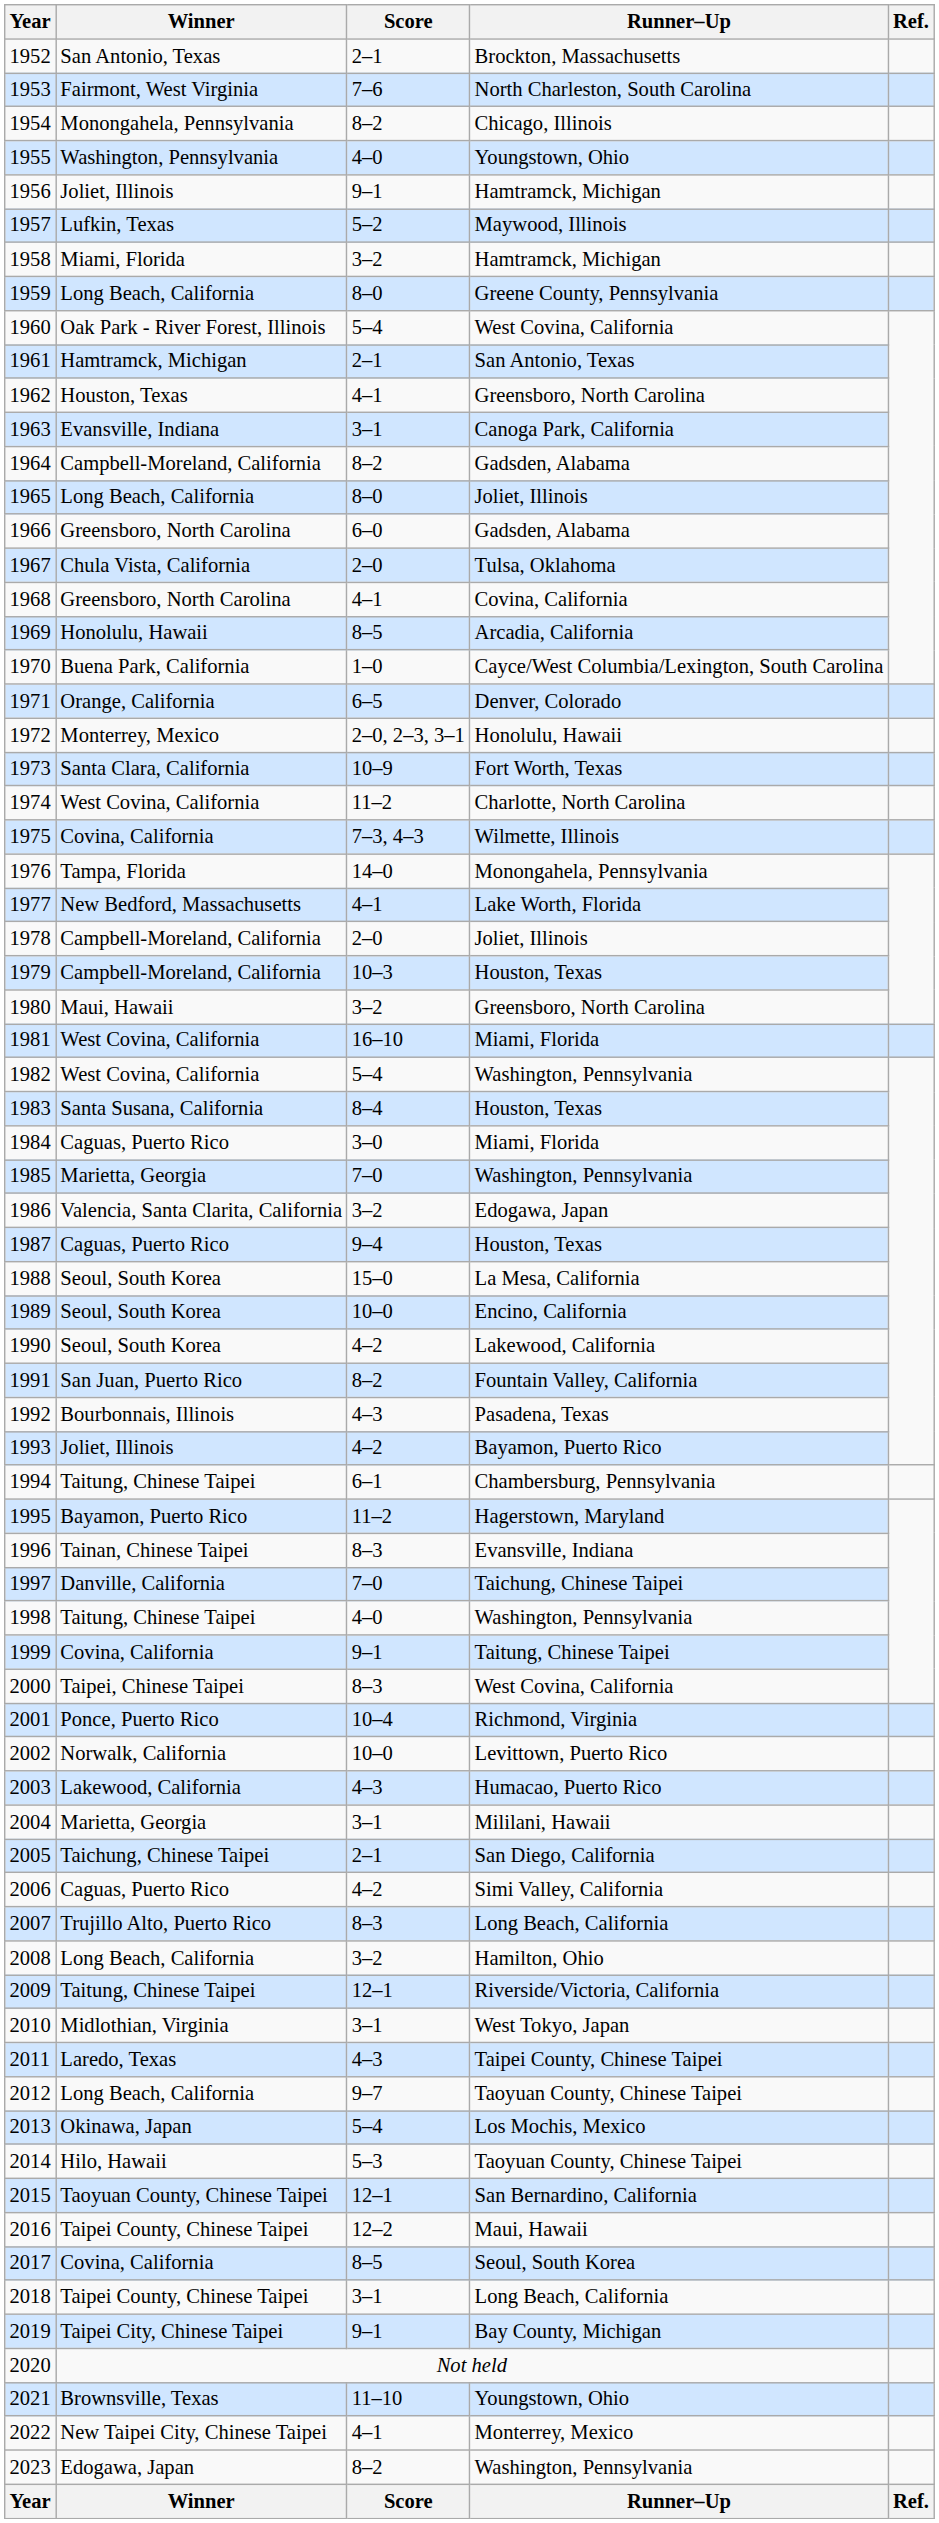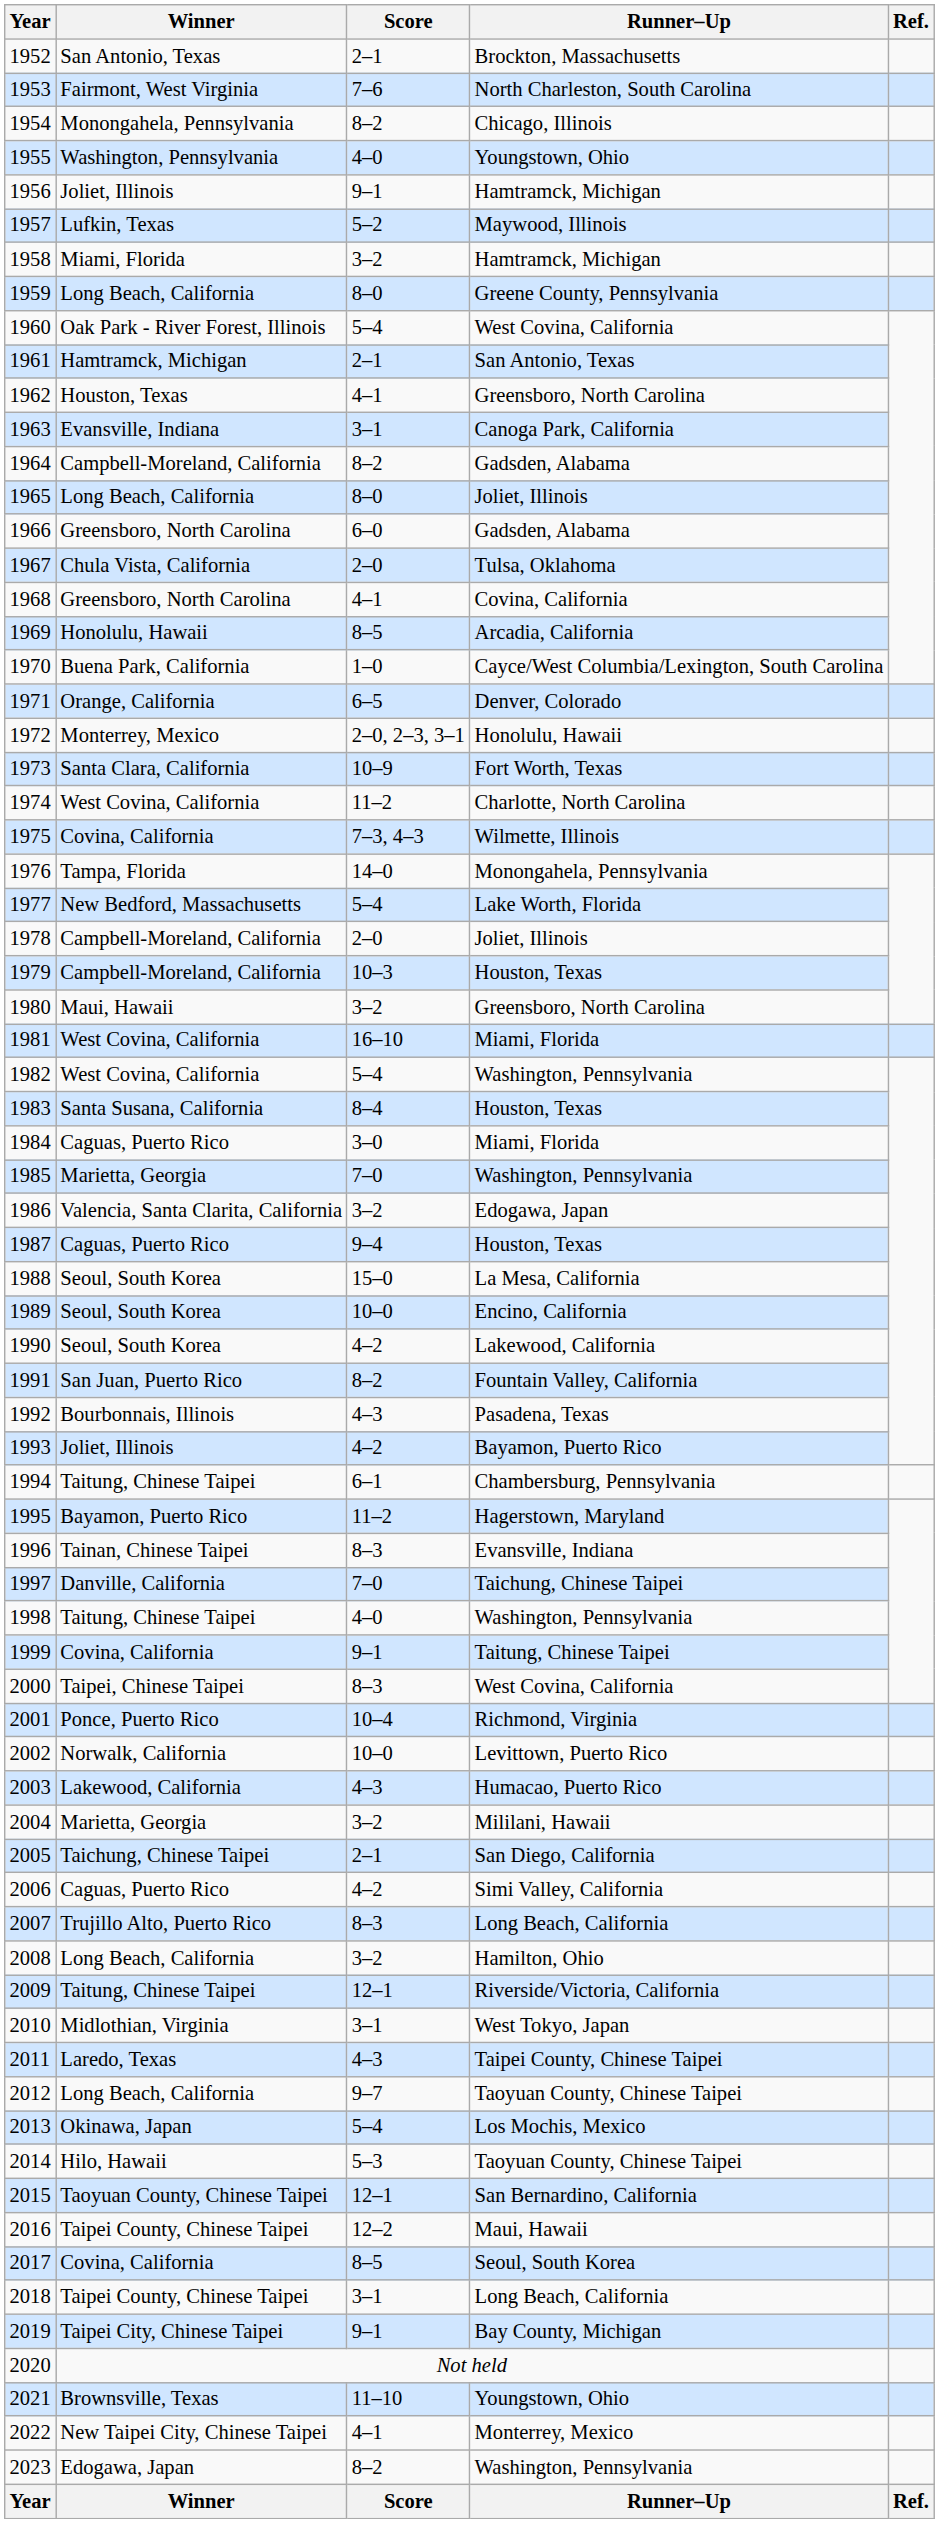 <table class="wikitable" style="font-size: 90%; text-align: left;">
 <tr>
 <th>Year</th>
 <th>Winner</th>
 <th>Score</th>
 <th>Runner–Up</th>
 <th>Ref.</th>
 </tr>
 <tr>
 <td>1952</td>
 <td> San Antonio, Texas</td>
 <td>2–1</td>
 <td> Brockton, Massachusetts</td>
 <td></td>
 </tr>
 <tr style="background: #D0E6FF;">
 <td>1953</td>
 <td> Fairmont, West Virginia</td>
 <td>7–6</td>
 <td> North Charleston, South Carolina</td>
 <td></td>
 </tr>
 <tr>
 <td>1954</td>
 <td> Monongahela, Pennsylvania</td>
 <td>8–2</td>
 <td> Chicago, Illinois</td>
 <td></td>
 </tr>
 <tr style="background: #D0E6FF;">
 <td>1955</td>
 <td> Washington, Pennsylvania</td>
 <td>4–0</td>
 <td> Youngstown, Ohio</td>
 <td></td>
 </tr>
 <tr>
 <td>1956</td>
 <td> Joliet, Illinois</td>
 <td>9–1</td>
 <td> Hamtramck, Michigan</td>
 <td></td>
 </tr>
 <tr style="background: #D0E6FF;">
 <td>1957</td>
 <td> Lufkin, Texas</td>
 <td>5–2</td>
 <td> Maywood, Illinois</td>
 <td></td>
 </tr>
 <tr>
 <td>1958</td>
 <td> Miami, Florida</td>
 <td>3–2</td>
 <td> Hamtramck, Michigan</td>
 <td></td>
 </tr>
 <tr style="background: #D0E6FF;">
 <td>1959</td>
 <td> Long Beach, California</td>
 <td>8–0</td>
 <td> Greene County, Pennsylvania</td>
 <td></td>
 </tr>
 <tr>
 <td>1960</td>
 <td> Oak Park - River Forest, Illinois</td>
 <td>5–4</td>
 <td> West Covina, California</td>
 </tr>
 <tr style="background: #D0E6FF;">
 <td>1961</td>
 <td> Hamtramck, Michigan</td>
 <td>2–1</td>
 <td> San Antonio, Texas</td>
 </tr>
 <tr>
 <td>1962</td>
 <td> Houston, Texas</td>
 <td>4–1</td>
 <td> Greensboro, North Carolina</td>
 </tr>
 <tr style="background: #D0E6FF;">
 <td>1963</td>
 <td> Evansville, Indiana</td>
 <td>3–1</td>
 <td> Canoga Park, California</td>
 </tr>
 <tr>
 <td>1964</td>
 <td> Campbell-Moreland, California</td>
 <td>8–2</td>
 <td> Gadsden, Alabama</td>
 </tr>
 <tr style="background: #D0E6FF;">
 <td>1965</td>
 <td> Long Beach, California</td>
 <td>8–0</td>
 <td> Joliet, Illinois</td>
 </tr>
 <tr>
 <td>1966</td>
 <td> Greensboro, North Carolina</td>
 <td>6–0</td>
 <td> Gadsden, Alabama</td>
 </tr>
 <tr style="background: #D0E6FF;">
 <td>1967</td>
 <td> Chula Vista, California</td>
 <td>2–0</td>
 <td> Tulsa, Oklahoma</td>
 </tr>
 <tr>
 <td>1968</td>
 <td> Greensboro, North Carolina</td>
 <td>4–1</td>
 <td> Covina, California</td>
 </tr>
 <tr style="background: #D0E6FF;">
 <td>1969</td>
 <td> Honolulu, Hawaii</td>
 <td>8–5</td>
 <td> Arcadia, California</td>
 </tr>
 <tr>
 <td>1970</td>
 <td> Buena Park, California</td>
 <td>1–0</td>
 <td> Cayce/West Columbia/Lexington, South Carolina</td>
 </tr>
 <tr style="background: #D0E6FF;">
 <td>1971</td>
 <td> Orange, California</td>
 <td>6–5</td>
 <td> Denver, Colorado</td>
 <td></td>
 </tr>
 <tr>
 <td>1972</td>
 <td> Monterrey, Mexico</td>
 <td>2–0, 2–3, 3–1</td>
 <td> Honolulu, Hawaii</td>
 <td></td>
 </tr>
 <tr style="background: #D0E6FF;">
 <td>1973</td>
 <td> Santa Clara, California</td>
 <td>10–9</td>
 <td> Fort Worth, Texas</td>
 <td></td>
 </tr>
 <tr>
 <td>1974</td>
 <td> West Covina, California</td>
 <td>11–2</td>
 <td> Charlotte, North Carolina</td>
 <td></td>
 </tr>
 <tr style="background: #D0E6FF;">
 <td>1975</td>
 <td> Covina, California</td>
 <td>7–3, 4–3</td>
 <td> Wilmette, Illinois</td>
 <td></td>
 </tr>
 <tr>
 <td>1976</td>
 <td> Tampa, Florida</td>
 <td>14–0</td>
 <td> Monongahela, Pennsylvania</td>
 </tr>
 <tr style="background: #D0E6FF;">
 <td>1977</td>
 <td> New Bedford, Massachusetts</td>
-<td>4–1</td>
+<td>5–4</td>
 <td> Lake Worth, Florida</td>
 </tr>
 <tr>
 <td>1978</td>
 <td> Campbell-Moreland, California</td>
 <td>2–0</td>
 <td> Joliet, Illinois</td>
 </tr>
 <tr style="background: #D0E6FF;">
 <td>1979</td>
 <td> Campbell-Moreland, California</td>
 <td>10–3</td>
 <td> Houston, Texas</td>
 </tr>
 <tr>
 <td>1980</td>
 <td> Maui, Hawaii</td>
 <td>3–2</td>
 <td> Greensboro, North Carolina</td>
 </tr>
 <tr style="background: #D0E6FF;">
 <td>1981</td>
 <td> West Covina, California</td>
 <td>16–10</td>
 <td> Miami, Florida</td>
 <td></td>
 </tr>
 <tr>
 <td>1982</td>
 <td> West Covina, California</td>
 <td>5–4</td>
 <td> Washington, Pennsylvania</td>
 </tr>
 <tr style="background: #D0E6FF;">
 <td>1983</td>
 <td> Santa Susana, California</td>
 <td>8–4</td>
 <td> Houston, Texas</td>
 </tr>
 <tr>
 <td>1984</td>
 <td> Caguas, Puerto Rico</td>
 <td>3–0</td>
 <td> Miami, Florida</td>
 </tr>
 <tr style="background: #D0E6FF;">
 <td>1985</td>
 <td> Marietta, Georgia</td>
 <td>7–0</td>
 <td> Washington, Pennsylvania</td>
 </tr>
 <tr>
 <td>1986</td>
 <td> Valencia, Santa Clarita, California</td>
 <td>3–2</td>
 <td> Edogawa, Japan</td>
 </tr>
 <tr style="background: #D0E6FF;">
 <td>1987</td>
 <td> Caguas, Puerto Rico</td>
 <td>9–4</td>
 <td> Houston, Texas</td>
 </tr>
 <tr>
 <td>1988</td>
 <td> Seoul, South Korea</td>
 <td>15–0</td>
 <td> La Mesa, California</td>
 </tr>
 <tr style="background: #D0E6FF;">
 <td>1989</td>
 <td> Seoul, South Korea</td>
 <td>10–0</td>
 <td> Encino, California</td>
 </tr>
 <tr>
 <td>1990</td>
 <td> Seoul, South Korea</td>
 <td>4–2</td>
 <td> Lakewood, California</td>
 </tr>
 <tr style="background: #D0E6FF;">
 <td>1991</td>
 <td> San Juan, Puerto Rico</td>
 <td>8–2</td>
 <td> Fountain Valley, California</td>
 </tr>
 <tr>
 <td>1992</td>
 <td> Bourbonnais, Illinois</td>
 <td>4–3</td>
 <td> Pasadena, Texas</td>
 </tr>
 <tr style="background: #D0E6FF;">
 <td>1993</td>
 <td> Joliet, Illinois</td>
 <td>4–2</td>
 <td> Bayamon, Puerto Rico</td>
 </tr>
 <tr>
 <td>1994</td>
 <td> Taitung, Chinese Taipei</td>
 <td>6–1</td>
 <td> Chambersburg, Pennsylvania</td>
 <td></td>
 </tr>
 <tr style="background: #D0E6FF;">
 <td>1995</td>
 <td> Bayamon, Puerto Rico</td>
 <td>11–2</td>
 <td> Hagerstown, Maryland</td>
 </tr>
 <tr>
 <td>1996</td>
 <td> Tainan, Chinese Taipei</td>
 <td>8–3</td>
 <td> Evansville, Indiana</td>
 </tr>
 <tr style="background: #D0E6FF;">
 <td>1997</td>
 <td> Danville, California</td>
 <td>7–0</td>
 <td> Taichung, Chinese Taipei</td>
 </tr>
 <tr>
 <td>1998</td>
 <td> Taitung, Chinese Taipei</td>
 <td>4–0</td>
 <td> Washington, Pennsylvania</td>
 </tr>
 <tr style="background: #D0E6FF;">
 <td>1999</td>
 <td> Covina, California</td>
 <td>9–1</td>
 <td> Taitung, Chinese Taipei</td>
 </tr>
 <tr>
 <td>2000</td>
 <td> Taipei, Chinese Taipei</td>
 <td>8–3</td>
 <td> West Covina, California</td>
 </tr>
 <tr style="background: #D0E6FF;">
 <td>2001</td>
 <td> Ponce, Puerto Rico</td>
 <td>10–4</td>
 <td> Richmond, Virginia</td>
 <td></td>
 </tr>
 <tr>
 <td>2002</td>
 <td> Norwalk, California</td>
 <td>10–0</td>
 <td> Levittown, Puerto Rico</td>
 <td></td>
 </tr>
 <tr style="background: #D0E6FF;">
 <td>2003</td>
 <td> Lakewood, California</td>
 <td>4–3</td>
 <td> Humacao, Puerto Rico</td>
 <td></td>
 </tr>
 <tr>
 <td>2004</td>
 <td> Marietta, Georgia</td>
-<td>3–1</td>
+<td>3–2</td>
 <td> Mililani, Hawaii</td>
 <td></td>
 </tr>
 <tr style="background: #D0E6FF;">
 <td>2005</td>
 <td> Taichung, Chinese Taipei</td>
 <td>2–1</td>
 <td> San Diego, California</td>
 <td></td>
 </tr>
 <tr>
 <td>2006</td>
 <td> Caguas, Puerto Rico</td>
 <td>4–2</td>
 <td> Simi Valley, California</td>
 <td></td>
 </tr>
 <tr style="background: #D0E6FF;">
 <td>2007</td>
 <td> Trujillo Alto, Puerto Rico</td>
 <td>8–3</td>
 <td> Long Beach, California</td>
 <td></td>
 </tr>
 <tr>
 <td>2008</td>
 <td> Long Beach, California</td>
 <td>3–2</td>
 <td> Hamilton, Ohio</td>
 <td></td>
 </tr>
 <tr style="background: #D0E6FF;">
 <td>2009</td>
 <td> Taitung, Chinese Taipei</td>
 <td>12–1</td>
 <td> Riverside/Victoria, California</td>
 <td></td>
 </tr>
 <tr>
 <td>2010</td>
 <td> Midlothian, Virginia</td>
 <td>3–1</td>
 <td> West Tokyo, Japan</td>
 <td></td>
 </tr>
 <tr style="background: #D0E6FF;">
 <td>2011</td>
 <td> Laredo, Texas</td>
 <td>4–3</td>
 <td> Taipei County, Chinese Taipei</td>
 <td></td>
 </tr>
 <tr>
 <td>2012</td>
 <td> Long Beach, California</td>
 <td>9–7</td>
 <td> Taoyuan County, Chinese Taipei</td>
 <td></td>
 </tr>
 <tr style="background: #D0E6FF;">
 <td>2013</td>
 <td> Okinawa, Japan</td>
 <td>5–4</td>
 <td> Los Mochis, Mexico</td>
 <td></td>
 </tr>
 <tr>
 <td>2014</td>
 <td> Hilo, Hawaii</td>
 <td>5–3</td>
 <td> Taoyuan County, Chinese Taipei</td>
 <td></td>
 </tr>
 <tr style="background: #D0E6FF;">
 <td>2015</td>
 <td> Taoyuan County, Chinese Taipei</td>
 <td>12–1</td>
 <td> San Bernardino, California</td>
 <td></td>
 </tr>
 <tr>
 <td>2016</td>
 <td> Taipei County, Chinese Taipei</td>
 <td>12–2</td>
 <td> Maui, Hawaii</td>
 <td></td>
 </tr>
 <tr style="background: #D0E6FF;">
 <td>2017</td>
 <td> Covina, California</td>
 <td>8–5</td>
 <td> Seoul, South Korea</td>
 <td></td>
 </tr>
 <tr>
 <td>2018</td>
 <td> Taipei County, Chinese Taipei</td>
 <td>3–1</td>
 <td> Long Beach, California</td>
 <td></td>
 </tr>
 <tr style="background: #D0E6FF;">
 <td>2019</td>
 <td> Taipei City, Chinese Taipei</td>
 <td>9–1</td>
 <td> Bay County, Michigan</td>
 <td></td>
 </tr>
 <tr>
 <td>2020</td>
 <td colspan=3 align=center><em>Not held</em></td>
 <td></td>
 </tr>
 <tr style="background: #D0E6FF;">
 <td>2021</td>
 <td> Brownsville, Texas</td>
 <td>11–10</td>
 <td> Youngstown, Ohio</td>
 <td></td>
 </tr>
 <tr>
 <td>2022</td>
 <td> New Taipei City, Chinese Taipei</td>
 <td>4–1</td>
 <td> Monterrey, Mexico</td>
 <td></td>
 </tr>
 <tr>
 <td>2023</td>
 <td> Edogawa, Japan</td>
 <td>8–2</td>
 <td> Washington, Pennsylvania</td>
 <td></td>
 </tr>
 <tr style="background: ;">
 <th>Year</th>
 <th>Winner</th>
 <th>Score</th>
 <th>Runner–Up</th>
 <th>Ref.</th>
 </tr>
 </table>
